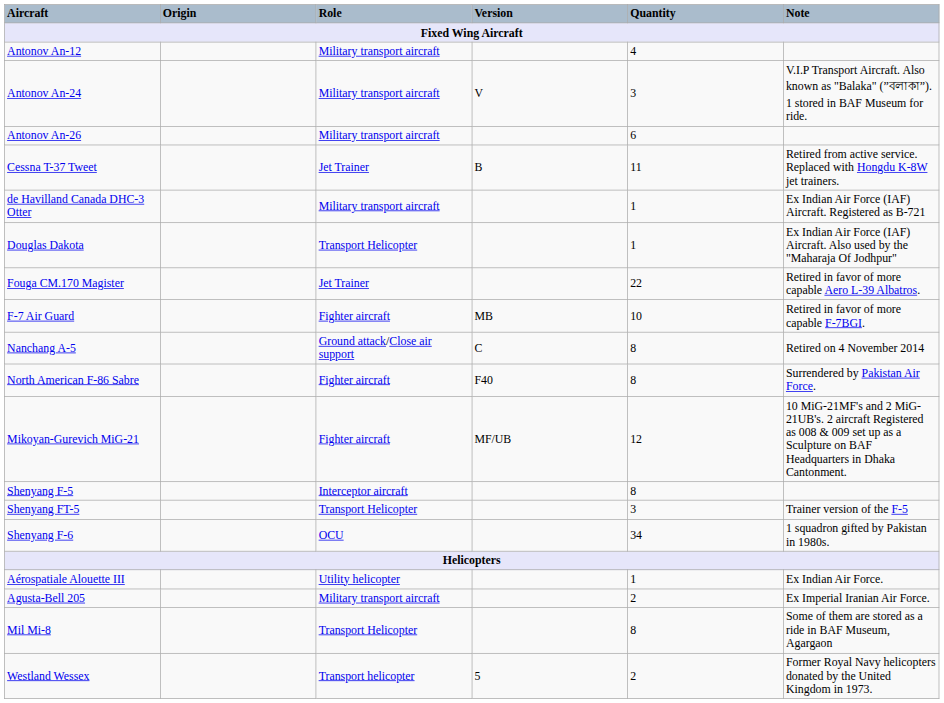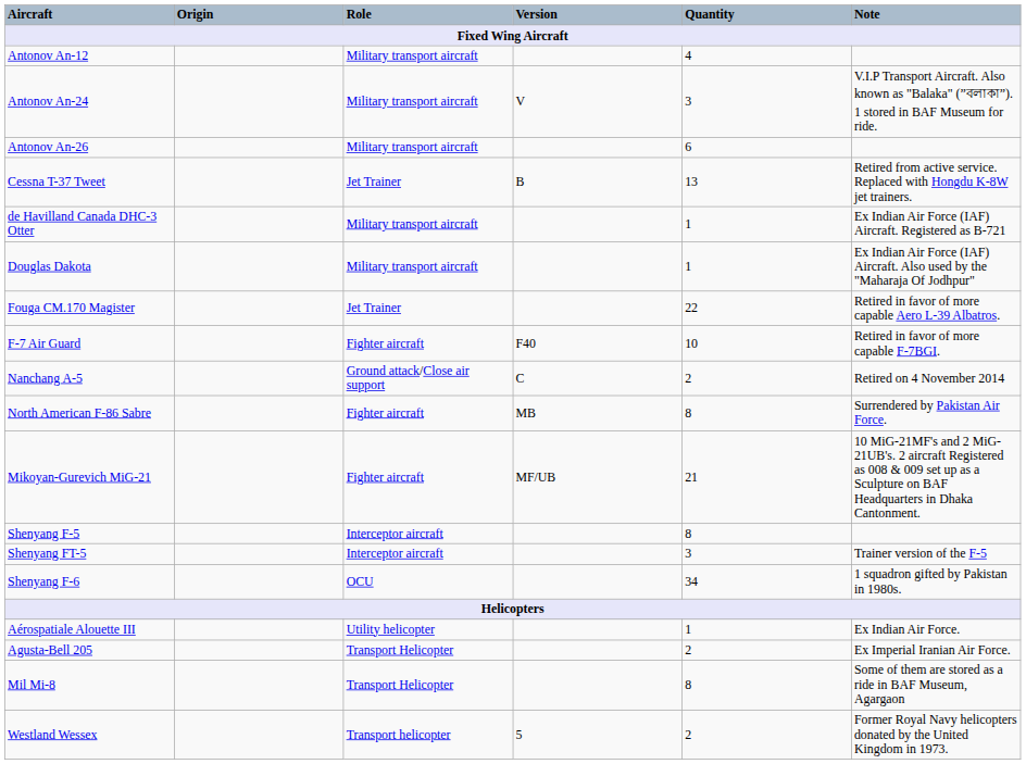 <table class="wikitable" style="width:100%;">
 <tr>
 <th style="text-align: left; background: #aabccc; width:16%;">Aircraft</th>
 <th style="text-align: left; background: #aabccc; width:16%;">Origin</th>
 <th style="text-align: left; background: #aabccc; width:16%;">Role</th>
 <th style="text-align: left; background: #aabccc; width:16%;">Version</th>
 <th style="text-align: left; background: #aabccc; width:16%;">Quantity</th>
 <th style="text-align: left; background: #aabccc; width:16%;">Note</th>
 </tr>
 <tr>
 <th scope="row" style="align: center; background: lavender;" colspan="6">Fixed Wing Aircraft</th>
 </tr>
 <tr>
 <td><a href='#'>Antonov An-12</a></td>
 <td></td>
 <td><a href='#'>Military transport aircraft</a></td>
 <td></td>
 <td>4</td>
 <td></td>
 </tr>
 <tr>
 <td><a href='#'>Antonov An-24</a></td>
 <td></td>
 <td><a href='#'>Military transport aircraft</a></td>
 <td>V</td>
 <td>3</td>
 <td>V.I.P Transport Aircraft. Also known as "Balaka" (”বলাকা”). 1 stored in BAF Museum for<br>ride.</td>
 </tr>
 <tr>
 <td><a href='#'>Antonov An-26</a></td>
 <td></td>
 <td><a href='#'>Military transport aircraft</a></td>
 <td></td>
 <td>6</td>
 <td></td>
 </tr>
 <tr>
 <td><a href='#'>Cessna T-37 Tweet</a></td>
 <td></td>
 <td><a href='#'>Jet Trainer</a></td>
 <td>B</td>
-<td>11</td>
+<td>13</td>
 <td>Retired from active service. Replaced with <a href='#'>Hongdu K-8W</a> jet trainers.</td>
 </tr>
 <tr>
 <td><a href='#'>de Havilland Canada DHC-3 Otter</a></td>
 <td></td>
 <td><a href='#'>Military transport aircraft</a></td>
 <td></td>
 <td>1</td>
 <td>Ex Indian Air Force (IAF) Aircraft. Registered as B-721</td>
 </tr>
 <tr>
 <td><a href='#'>Douglas Dakota</a></td>
 <td></td>
-<td><a href='#'>Transport Helicopter</a></td>
+<td><a href='#'>Military transport aircraft</a></td>
 <td></td>
 <td>1</td>
 <td>Ex Indian Air Force (IAF) Aircraft. Also used by the "Maharaja Of Jodhpur"</td>
 </tr>
 <tr>
 <td><a href='#'>Fouga CM.170 Magister</a></td>
 <td></td>
 <td><a href='#'>Jet Trainer</a></td>
 <td></td>
 <td>22</td>
 <td>Retired in favor of more capable <a href='#'>Aero L-39 Albatros</a>.</td>
 </tr>
 <tr>
 <td><a href='#'>F-7 Air Guard</a></td>
 <td></td>
 <td><a href='#'>Fighter aircraft</a></td>
-<td>MB</td>
+<td>F40</td>
 <td>10</td>
 <td>Retired in favor of more capable <a href='#'>F-7BGI</a>.</td>
 </tr>
 <tr>
 <td><a href='#'>Nanchang A-5</a></td>
 <td></td>
 <td><a href='#'>Ground attack</a>/<a href='#'>Close air support</a></td>
 <td>C</td>
-<td>8</td>
+<td>2</td>
 <td>Retired on 4 November 2014</td>
 </tr>
 <tr>
 <td><a href='#'>North American F-86 Sabre</a></td>
 <td></td>
 <td><a href='#'>Fighter aircraft</a></td>
-<td>F40</td>
+<td>MB</td>
 <td>8</td>
 <td>Surrendered by <a href='#'>Pakistan Air Force</a>.</td>
 </tr>
 <tr>
 <td><a href='#'>Mikoyan-Gurevich MiG-21</a></td>
 <td></td>
 <td><a href='#'>Fighter aircraft</a></td>
 <td>MF/UB</td>
-<td>12</td>
+<td>21</td>
 <td>10 MiG-21MF's and 2 MiG-21UB's. 2 aircraft Registered as 008 & 009 set up as a Sculpture on BAF Headquarters in Dhaka Cantonment.</td>
 </tr>
 <tr>
 <td><a href='#'>Shenyang F-5</a></td>
 <td></td>
 <td><a href='#'>Interceptor aircraft</a></td>
 <td></td>
 <td>8</td>
 <td></td>
 </tr>
 <tr>
 <td><a href='#'>Shenyang FT-5</a></td>
 <td></td>
-<td><a href='#'>Transport Helicopter</a></td>
+<td><a href='#'>Interceptor aircraft</a></td>
 <td></td>
 <td>3</td>
 <td>Trainer version of the <a href='#'>F-5</a></td>
 </tr>
 <tr>
 <td><a href='#'>Shenyang F-6</a></td>
 <td></td>
 <td><a href='#'>OCU</a></td>
 <td></td>
 <td>34</td>
 <td>1 squadron gifted by Pakistan in 1980s.</td>
 </tr>
 <tr>
 <th scope="row" style="align: center; background: lavender;" colspan="7">Helicopters</th>
 </tr>
 <tr>
 <td><a href='#'>Aérospatiale Alouette III</a></td>
 <td></td>
 <td><a href='#'>Utility helicopter</a></td>
 <td></td>
 <td>1</td>
 <td>Ex Indian Air Force.</td>
 </tr>
 <tr>
 <td><a href='#'>Agusta-Bell 205</a></td>
 <td></td>
-<td><a href='#'>Military transport aircraft</a></td>
+<td><a href='#'>Transport Helicopter</a></td>
 <td></td>
 <td>2</td>
 <td>Ex Imperial Iranian Air Force.</td>
 </tr>
 <tr>
 <td><a href='#'>Mil Mi-8</a></td>
 <td></td>
 <td><a href='#'>Transport Helicopter</a></td>
 <td></td>
 <td>8</td>
 <td>Some of them are stored as a ride in BAF Museum, Agargaon</td>
 </tr>
 <tr>
 <td><a href='#'>Westland Wessex</a></td>
 <td></td>
 <td><a href='#'>Transport helicopter</a></td>
 <td>5</td>
 <td>2</td>
 <td>Former Royal Navy helicopters donated by the United Kingdom in 1973.</td>
 </tr>
 </table>
